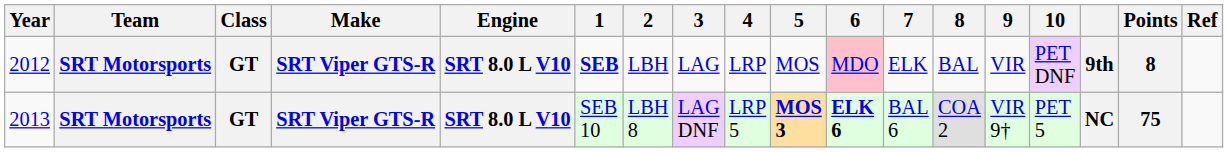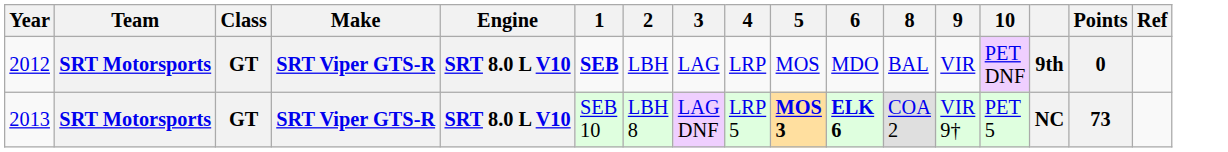 <table class="wikitable">
 <tr>
 <th>Year</th>
 <th>Team</th>
 <th>Class</th>
 <th>Make</th>
 <th>Engine</th>
 <th>1</th>
 <th>2</th>
 <th>3</th>
 <th>4</th>
 <th>5</th>
 <th>6</th>
-<th>7</th>
 <th>8</th>
 <th>9</th>
 <th>10</th>
 <th></th>
 <th>Points</th>
 <th>Ref</th>
 </tr>
 <tr>
 <td><a href='#'>2012</a></td>
 <th><a href='#'>SRT Motorsports</a></th>
 <th>GT</th>
 <th><a href='#'>SRT Viper GTS-R</a></th>
 <th><a href='#'>SRT</a> 8.0 L <a href='#'>V10</a></th>
 <td><strong><a href='#'>SEB</a></strong></td>
 <td><a href='#'>LBH</a></td>
 <td><a href='#'>LAG</a></td>
 <td><a href='#'>LRP</a></td>
 <td><a href='#'>MOS</a></td>
-<td style="background: pink;"><a href='#'>MDO</a></td>
-<td><a href='#'>ELK</a></td>
+<td><a href='#'>MDO</a></td>
 <td><a href='#'>BAL</a></td>
 <td><a href='#'>VIR</a></td>
 <td style="background:#EFCFFF;"><a href='#'>PET</a><br>DNF</td>
 <th>9th</th>
-<th>8</th>
+<th>0</th>
 <td></td>
 </tr>
 <tr>
 <td><a href='#'>2013</a></td>
 <th><a href='#'>SRT Motorsports</a></th>
 <th>GT</th>
 <th><a href='#'>SRT Viper GTS-R</a></th>
 <th><a href='#'>SRT</a> 8.0 L <a href='#'>V10</a></th>
 <td style="background:#DFFFDF;"><a href='#'>SEB</a><br>10</td>
 <td style="background:#DFFFDF;"><a href='#'>LBH</a><br>8</td>
 <td style="background:#EFCFFF;"><a href='#'>LAG</a><br>DNF</td>
 <td style="background:#DFFFDF;"><a href='#'>LRP</a><br>5</td>
 <td style="background:#FFDF9F;”"><strong><a href='#'>MOS</a><br>3</strong></td>
 <td style="background:#DFFFDF;"><strong><a href='#'>ELK</a><br>6</strong></td>
-<td style="background:#DFFFDF;"><a href='#'>BAL</a><br>6</td>
 <td style="background:#DFDFDF;"><a href='#'>COA</a><br>2</td>
 <td style="background:#DFFFDF;"><a href='#'>VIR</a><br>9†</td>
 <td style="background:#DFFFDF;"><a href='#'>PET</a><br>5</td>
 <th>NC</th>
-<th>75</th>
+<th>73</th>
 <td></td>
 </tr>
 </table>
